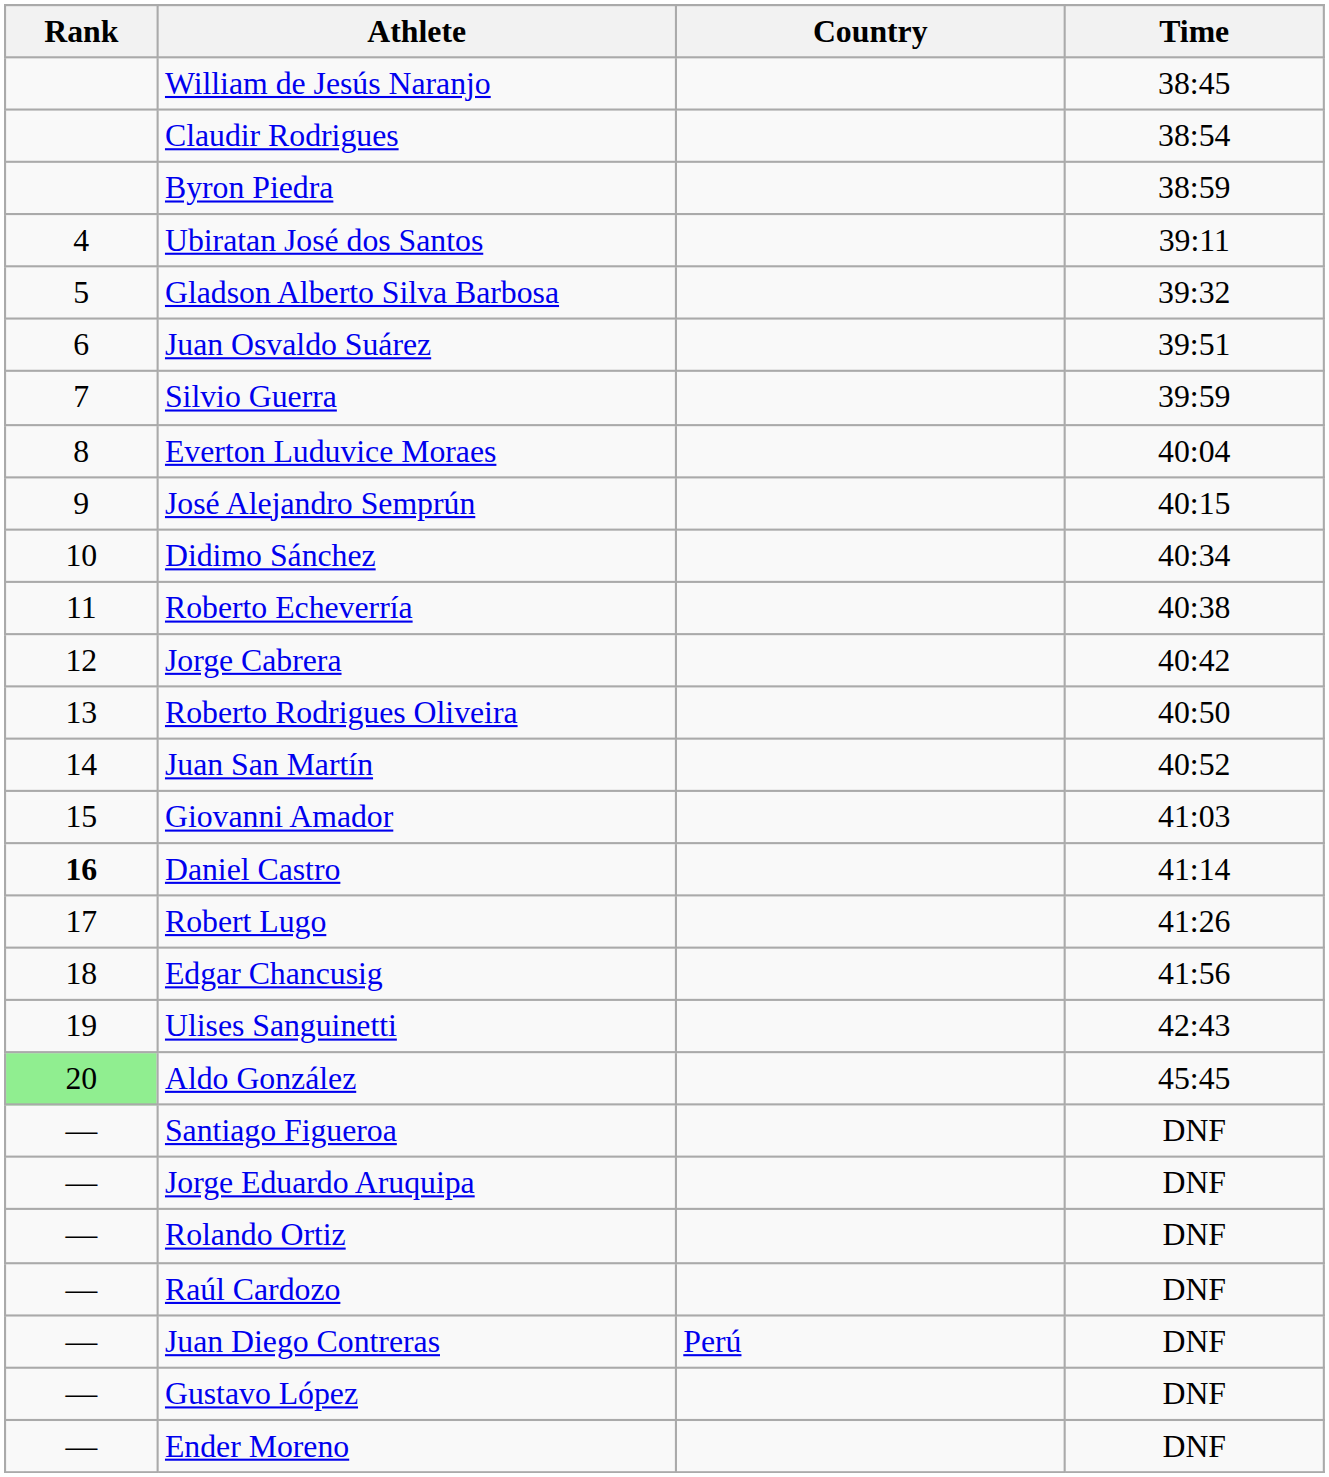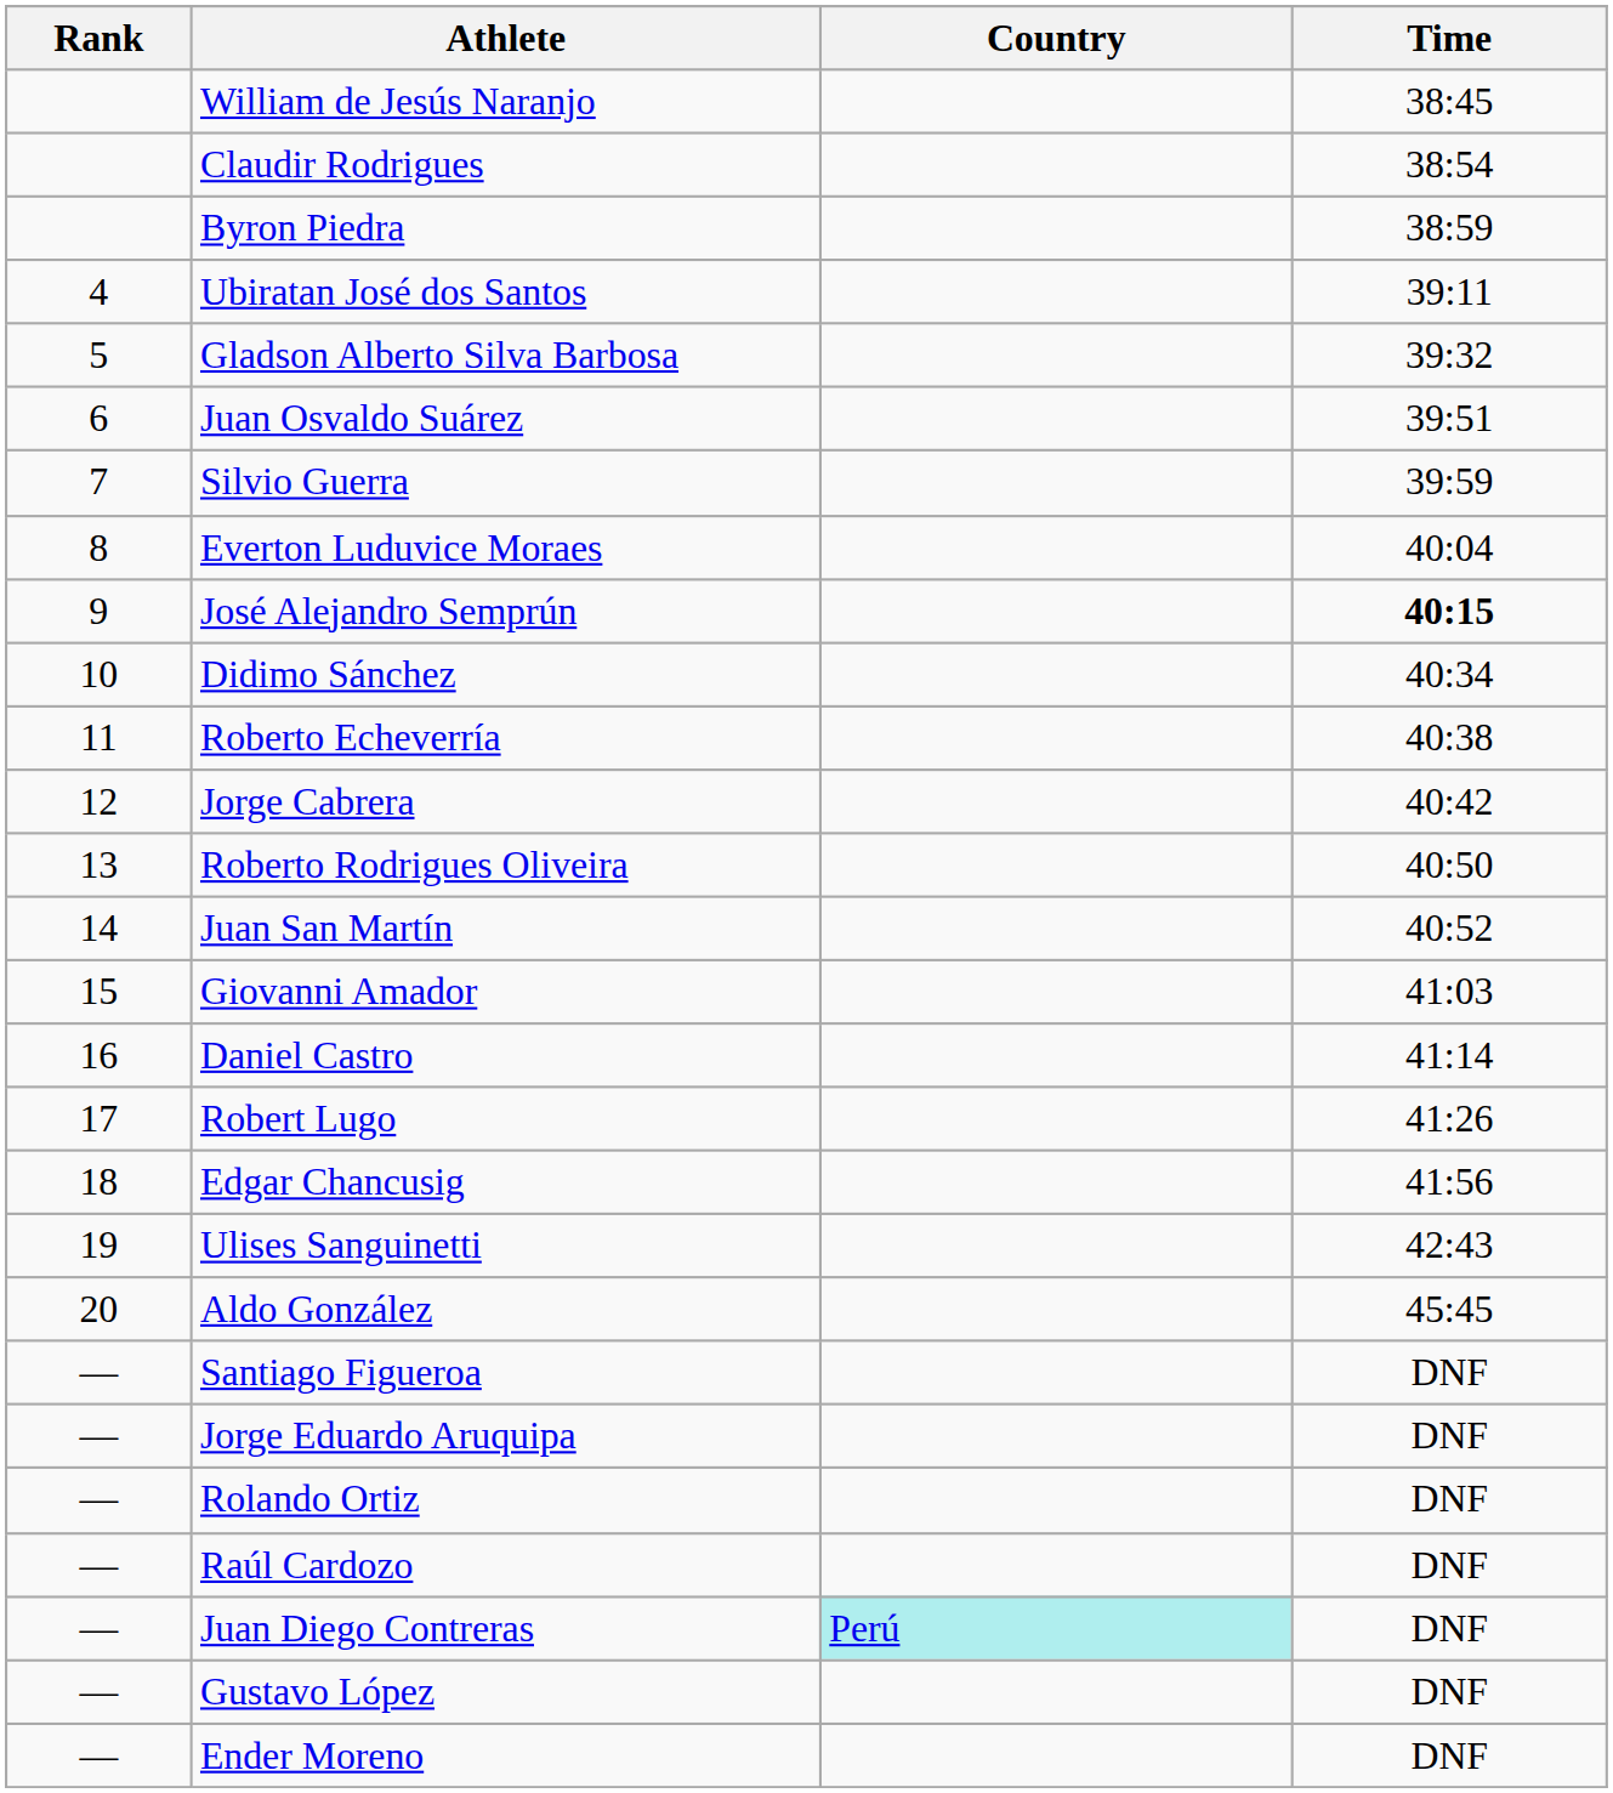 <table class="wikitable sortable" style=" text-align:center; font-size:95%;" width="50%">
 <tr>
 </tr>
 <tr>
 <th width=5%>Rank</th>
 <th width=20%>Athlete</th>
 <th width=15%>Country</th>
 <th width=10%>Time</th>
 </tr>
 <tr>
 <td align=center></td>
 <td align=left><a href='#'>William de Jesús Naranjo</a></td>
 <td align=left></td>
 <td>38:45</td>
 </tr>
 <tr>
 <td align=center></td>
 <td align=left><a href='#'>Claudir Rodrigues</a></td>
 <td align=left></td>
 <td>38:54</td>
 </tr>
 <tr>
 <td align=center></td>
 <td align=left><a href='#'>Byron Piedra</a></td>
 <td align=left></td>
 <td>38:59</td>
 </tr>
 <tr>
 <td align=center>4</td>
 <td align=left><a href='#'>Ubiratan José dos Santos</a></td>
 <td align=left></td>
 <td>39:11</td>
 </tr>
 <tr>
 <td align=center>5</td>
 <td align=left><a href='#'>Gladson Alberto Silva Barbosa</a></td>
 <td align=left></td>
 <td>39:32</td>
 </tr>
 <tr>
 <td align=center>6</td>
 <td align=left><a href='#'>Juan Osvaldo Suárez</a></td>
 <td align=left></td>
 <td>39:51</td>
 </tr>
 <tr>
 <td align=center>7</td>
 <td align=left><a href='#'>Silvio Guerra</a></td>
 <td align=left></td>
 <td>39:59</td>
 </tr>
 <tr>
 <td align=center>8</td>
 <td align=left><a href='#'>Everton Luduvice Moraes</a></td>
 <td align=left></td>
 <td>40:04</td>
 </tr>
 <tr>
 <td align=center>9</td>
 <td align=left><a href='#'>José Alejandro Semprún</a></td>
 <td align=left></td>
-<td>40:15</td>
+<td><strong>40:15</strong></td>
 </tr>
 <tr>
 <td align=center>10</td>
 <td align=left><a href='#'>Didimo Sánchez</a></td>
 <td align=left></td>
 <td>40:34</td>
 </tr>
 <tr>
 <td align=center>11</td>
 <td align=left><a href='#'>Roberto Echeverría</a></td>
 <td align=left></td>
 <td>40:38</td>
 </tr>
 <tr>
 <td align=center>12</td>
 <td align=left><a href='#'>Jorge Cabrera</a></td>
 <td align=left></td>
 <td>40:42</td>
 </tr>
 <tr>
 <td align=center>13</td>
 <td align=left><a href='#'>Roberto Rodrigues Oliveira</a></td>
 <td align=left></td>
 <td>40:50</td>
 </tr>
 <tr>
 <td align=center>14</td>
 <td align=left><a href='#'>Juan San Martín</a></td>
 <td align=left></td>
 <td>40:52</td>
 </tr>
 <tr>
 <td align=center>15</td>
 <td align=left><a href='#'>Giovanni Amador</a></td>
 <td align=left></td>
 <td>41:03</td>
 </tr>
 <tr>
-<td align=center><strong>16</strong></td>
+<td align=center>16</td>
 <td align=left><a href='#'>Daniel Castro</a></td>
 <td align=left></td>
 <td>41:14</td>
 </tr>
 <tr>
 <td align=center>17</td>
 <td align=left><a href='#'>Robert Lugo</a></td>
 <td align=left></td>
 <td>41:26</td>
 </tr>
 <tr>
 <td align=center>18</td>
 <td align=left><a href='#'>Edgar Chancusig</a></td>
 <td align=left></td>
 <td>41:56</td>
 </tr>
 <tr>
 <td align=center>19</td>
 <td align=left><a href='#'>Ulises Sanguinetti</a></td>
 <td align=left></td>
 <td>42:43</td>
 </tr>
 <tr>
-<td align=center style="background: lightgreen;">20</td>
+<td align=center>20</td>
 <td align=left><a href='#'>Aldo González</a></td>
 <td align=left></td>
 <td>45:45</td>
 </tr>
 <tr>
 <td align=center>—</td>
 <td align=left><a href='#'>Santiago Figueroa</a></td>
 <td align=left></td>
 <td>DNF</td>
 </tr>
 <tr>
 <td align=center>—</td>
 <td align=left><a href='#'>Jorge Eduardo Aruquipa</a></td>
 <td align=left></td>
 <td>DNF</td>
 </tr>
 <tr>
 <td align=center>—</td>
 <td align=left><a href='#'>Rolando Ortiz</a></td>
 <td align=left></td>
 <td>DNF</td>
 </tr>
 <tr>
 <td align=center>—</td>
 <td align=left><a href='#'>Raúl Cardozo</a></td>
 <td align=left></td>
 <td>DNF</td>
 </tr>
 <tr>
 <td align=center>—</td>
 <td align=left><a href='#'>Juan Diego Contreras</a></td>
-<td align=left> <a href='#'>Perú</a></td>
+<td align=left style="background: paleturquoise;"> <a href='#'>Perú</a></td>
 <td>DNF</td>
 </tr>
 <tr>
 <td align=center>—</td>
 <td align=left><a href='#'>Gustavo López</a></td>
 <td align=left></td>
 <td>DNF</td>
 </tr>
 <tr>
 <td align=center>—</td>
 <td align=left><a href='#'>Ender Moreno</a></td>
 <td align=left></td>
 <td>DNF</td>
 </tr>
 </table>
